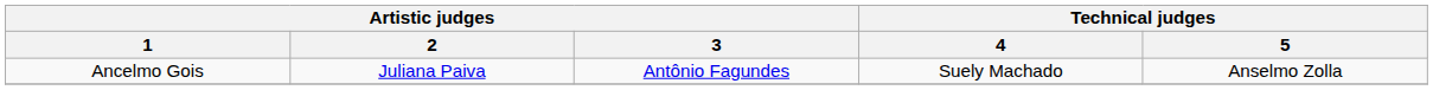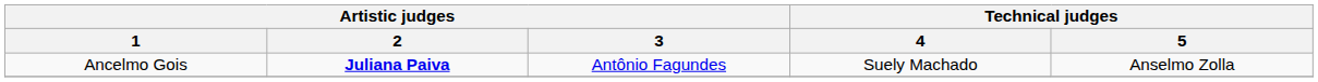 <table class="wikitable" style="font-size:100%; line-height:16px; text-align:center" width="100%">
 <tr>
 <th colspan=3>Artistic judges</th>
 <th colspan=2>Technical judges</th>
 </tr>
 <tr>
 <th style="width:20.0%;">1</th>
 <th style="width:20.0%;">2</th>
 <th style="width:20.0%;">3</th>
 <th style="width:20.0%;">4</th>
 <th style="width:20.0%;">5</th>
 </tr>
 <tr>
 <td>Ancelmo Gois</td>
-<td><a href='#'>Juliana Paiva</a></td>
+<td><strong><a href='#'>Juliana Paiva</a></strong></td>
 <td><a href='#'>Antônio Fagundes</a></td>
 <td>Suely Machado</td>
 <td>Anselmo Zolla</td>
 </tr>
 <tr>
 </tr>
 </table>
